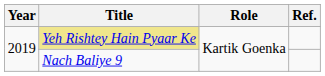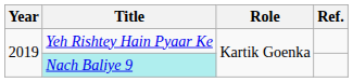 <table class="wikitable sortable">
 <tr>
 <th>Year</th>
 <th>Title</th>
 <th>Role</th>
 <th>Ref.</th>
 </tr>
 <tr>
 <td rowspan=2>2019</td>
-<td style="background: khaki;"><em><a href='#'>Yeh Rishtey Hain Pyaar Ke</a></em></td>
+<td><em><a href='#'>Yeh Rishtey Hain Pyaar Ke</a></em></td>
 <td rowspan=2>Kartik Goenka</td>
 <td></td>
 </tr>
 <tr>
-<td><em><a href='#'>Nach Baliye 9</a></em></td>
+<td style="background: paleturquoise;"><em><a href='#'>Nach Baliye 9</a></em></td>
 <td></td>
 </tr>
 </table>
